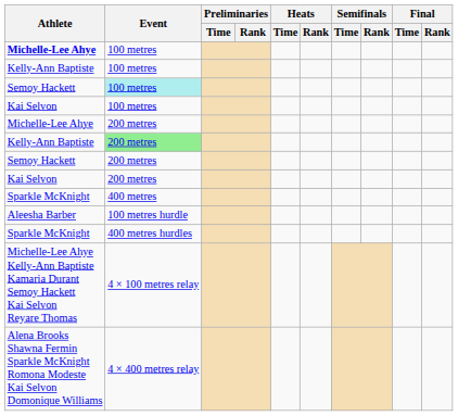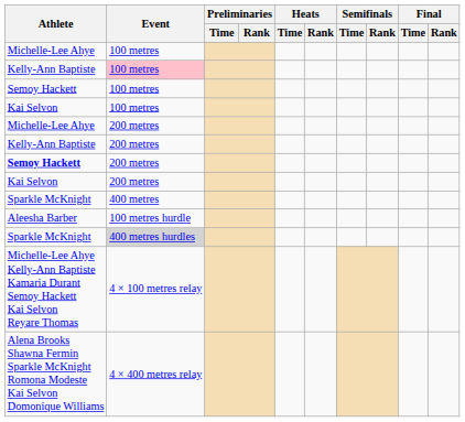 <table class=wikitable style="font-size:90%;">
 <tr>
 <th rowspan="2">Athlete</th>
 <th rowspan="2">Event</th>
 <th colspan="2">Preliminaries</th>
 <th colspan="2">Heats</th>
 <th colspan="2">Semifinals</th>
 <th colspan="2">Final</th>
 </tr>
 <tr>
 <th>Time</th>
 <th>Rank</th>
 <th>Time</th>
 <th>Rank</th>
 <th>Time</th>
 <th>Rank</th>
 <th>Time</th>
 <th>Rank</th>
 </tr>
 <tr style="border-top: single;">
-<td><strong><a href='#'>Michelle-Lee Ahye</a></strong></td>
+<td><a href='#'>Michelle-Lee Ahye</a></td>
 <td><a href='#'>100 metres</a></td>
 <td colspan= 2 bgcolor="wheat"></td>
 <td align=center></td>
 <td align=center></td>
 <td align=center></td>
 <td align=center></td>
 <td align=center></td>
 <td align=center></td>
 </tr>
 <tr style="border-top: single;">
 <td><a href='#'>Kelly-Ann Baptiste</a></td>
-<td><a href='#'>100 metres</a></td>
+<td style="background: pink;"><a href='#'>100 metres</a></td>
 <td colspan= 2 bgcolor="wheat"></td>
 <td align=center></td>
 <td align=center></td>
 <td align=center></td>
 <td align=center></td>
 <td align=center></td>
 <td align=center></td>
 </tr>
 <tr style="border-top: single;">
 <td><a href='#'>Semoy Hackett</a></td>
-<td style="background: paleturquoise;"><a href='#'>100 metres</a></td>
+<td><a href='#'>100 metres</a></td>
 <td colspan= 2 bgcolor="wheat"></td>
 <td align=center></td>
 <td align=center></td>
 <td align=center></td>
 <td align=center></td>
 <td align=center></td>
 <td align=center></td>
 </tr>
 <tr style="border-top: single;">
 <td><a href='#'>Kai Selvon</a></td>
 <td><a href='#'>100 metres</a></td>
 <td colspan= 2 bgcolor="wheat"></td>
 <td align=center></td>
 <td align=center></td>
 <td align=center></td>
 <td align=center></td>
 <td align=center></td>
 <td align=center></td>
 </tr>
 <tr style="border-top: single;">
 <td><a href='#'>Michelle-Lee Ahye</a></td>
 <td><a href='#'>200 metres</a></td>
 <td colspan= 2 bgcolor="wheat"></td>
 <td align=center></td>
 <td align=center></td>
 <td align=center></td>
 <td align=center></td>
 <td align=center></td>
 <td align=center></td>
 </tr>
 <tr style="border-top: single;">
 <td><a href='#'>Kelly-Ann Baptiste</a></td>
-<td style="background: lightgreen;"><a href='#'>200 metres</a></td>
+<td><a href='#'>200 metres</a></td>
 <td colspan= 2 bgcolor="wheat"></td>
 <td align=center></td>
 <td align=center></td>
 <td align=center></td>
 <td align=center></td>
 <td align=center></td>
 <td align=center></td>
 </tr>
 <tr style="border-top: single;">
-<td><a href='#'>Semoy Hackett</a></td>
+<td><strong><a href='#'>Semoy Hackett</a></strong></td>
 <td><a href='#'>200 metres</a></td>
 <td colspan= 2 bgcolor="wheat"></td>
 <td align=center></td>
 <td align=center></td>
 <td align=center></td>
 <td align=center></td>
 <td align=center></td>
 <td align=center></td>
 </tr>
 <tr style="border-top: single;">
 <td><a href='#'>Kai Selvon</a></td>
 <td><a href='#'>200 metres</a></td>
 <td colspan= 2 bgcolor="wheat"></td>
 <td align=center></td>
 <td align=center></td>
 <td align=center></td>
 <td align=center></td>
 <td align=center></td>
 <td align=center></td>
 </tr>
 <tr style="border-top: single;">
 <td><a href='#'>Sparkle McKnight</a></td>
 <td><a href='#'>400 metres</a></td>
 <td colspan= 2 bgcolor="wheat"></td>
 <td align=center></td>
 <td align=center></td>
 <td align=center></td>
 <td align=center></td>
 <td align=center></td>
 <td align=center></td>
 </tr>
 <tr style="border-top: single;">
 <td><a href='#'>Aleesha Barber</a></td>
 <td><a href='#'>100 metres hurdle</a></td>
 <td colspan= 2 bgcolor="wheat"></td>
 <td align=center></td>
 <td align=center></td>
 <td align=center></td>
 <td align=center></td>
 <td align=center></td>
 <td align=center></td>
 </tr>
 <tr style="border-top: single;">
 <td><a href='#'>Sparkle McKnight</a></td>
-<td><a href='#'>400 metres hurdles</a></td>
+<td style="background: lightgrey;"><a href='#'>400 metres hurdles</a></td>
 <td colspan= 2 bgcolor="wheat"></td>
 <td align=center></td>
 <td align=center></td>
 <td align=center></td>
 <td align=center></td>
 <td align=center></td>
 <td align=center></td>
 </tr>
 <tr style="border-top: single;">
 <td><a href='#'>Michelle-Lee Ahye</a><br><a href='#'>Kelly-Ann Baptiste</a><br><a href='#'>Kamaria Durant</a><br><a href='#'>Semoy Hackett</a><br><a href='#'>Kai Selvon</a><br><a href='#'>Reyare Thomas</a></td>
 <td><a href='#'>4 × 100 metres relay</a></td>
 <td colspan= 2 bgcolor="wheat"></td>
 <td align=center></td>
 <td align=center></td>
 <td colspan= 2 bgcolor="wheat"></td>
 <td align=center></td>
 <td align=center></td>
 </tr>
 <tr style="border-top: single;">
 <td><a href='#'>Alena Brooks</a><br><a href='#'>Shawna Fermin</a><br><a href='#'>Sparkle McKnight</a><br><a href='#'>Romona Modeste</a><br><a href='#'>Kai Selvon</a><br><a href='#'>Domonique Williams</a></td>
 <td><a href='#'>4 × 400 metres relay</a></td>
 <td colspan= 2 bgcolor="wheat"></td>
 <td align=center></td>
 <td align=center></td>
 <td colspan= 2 bgcolor="wheat"></td>
 <td align=center></td>
 <td align=center></td>
 </tr>
 </table>
